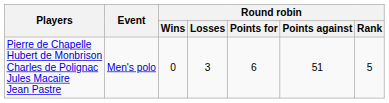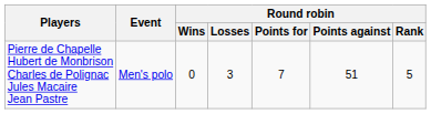 <table class=wikitable style="font-size:90%">
 <tr>
 <th rowspan=2>Players</th>
 <th rowspan=2>Event</th>
 <th colspan=5>Round robin</th>
 </tr>
 <tr>
 <th>Wins</th>
 <th>Losses</th>
 <th>Points for</th>
 <th>Points against</th>
 <th>Rank</th>
 </tr>
 <tr>
 <td><a href='#'>Pierre de Chapelle</a> <br> <a href='#'>Hubert de Monbrison</a> <br> <a href='#'>Charles de Polignac</a> <br> <a href='#'>Jules Macaire</a> <br> <a href='#'>Jean Pastre</a></td>
 <td><a href='#'>Men's polo</a></td>
 <td align=center>0</td>
 <td align=center>3</td>
-<td align=center>6</td>
+<td align=center>7</td>
 <td align=center>51</td>
 <td align=center>5</td>
 </tr>
 </table>
